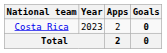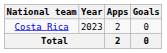 <table class="wikitable" style="text-align: center;">
 <tr>
 <th>National team</th>
 <th>Year</th>
 <th>Apps</th>
 <th>Goals</th>
 </tr>
 <tr>
 <td rowspan=1><a href='#'>Costa Rica</a></td>
 <td>2023</td>
 <td>2</td>
-<td><strong>0</strong></td>
+<td>0</td>
 </tr>
 <tr>
 <th colspan=2>Total</th>
 <th>2</th>
 <th>0</th>
 </tr>
 </table>
